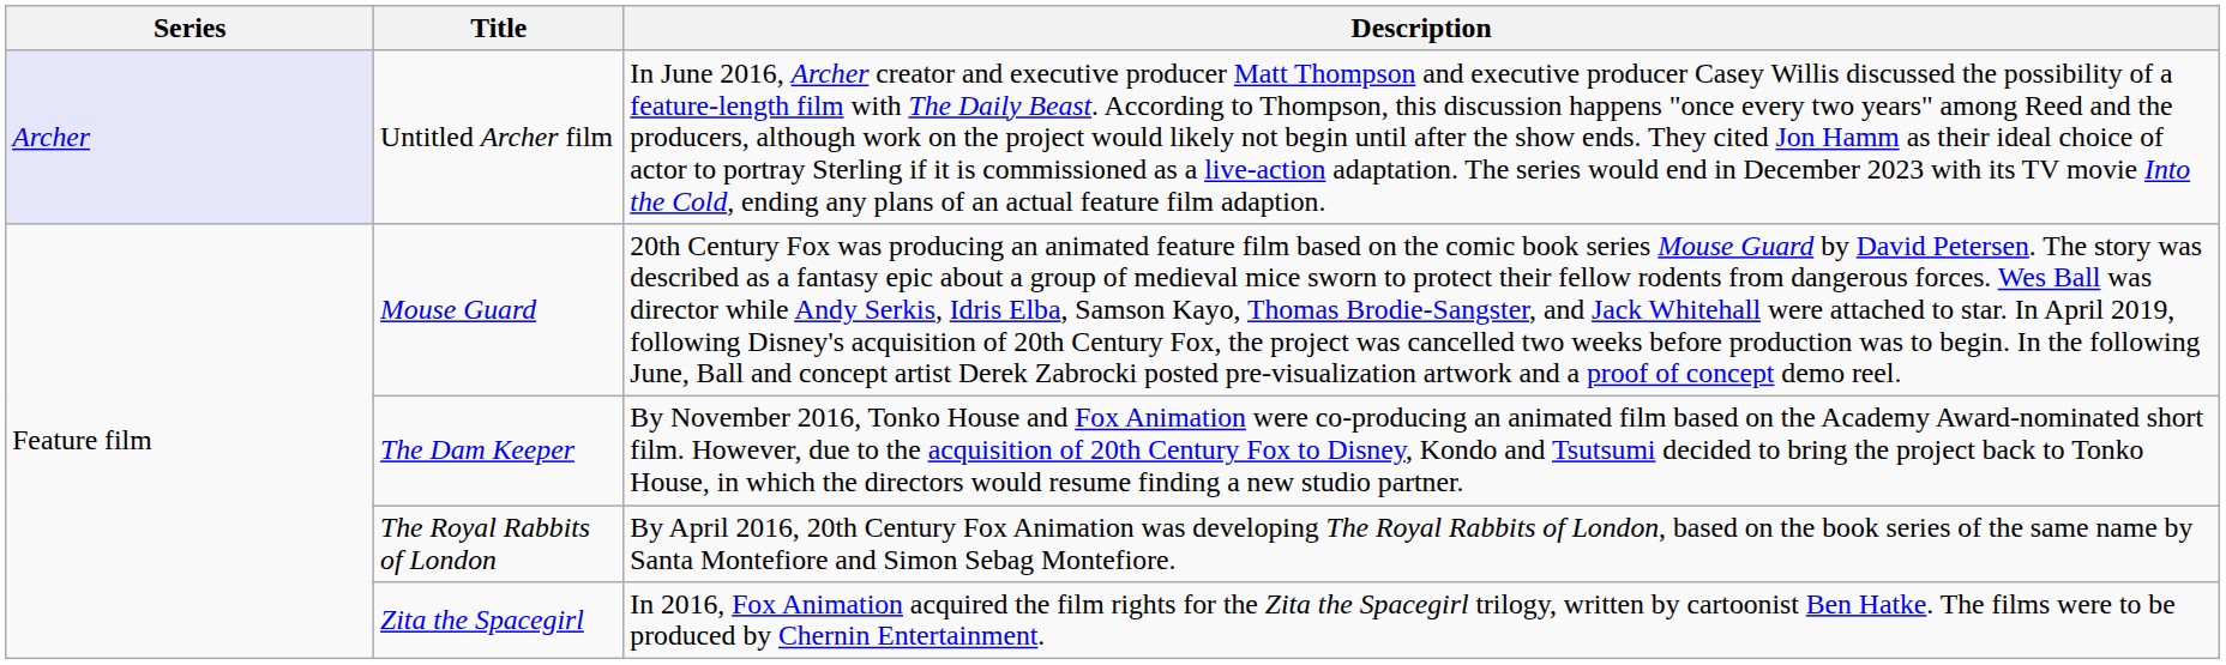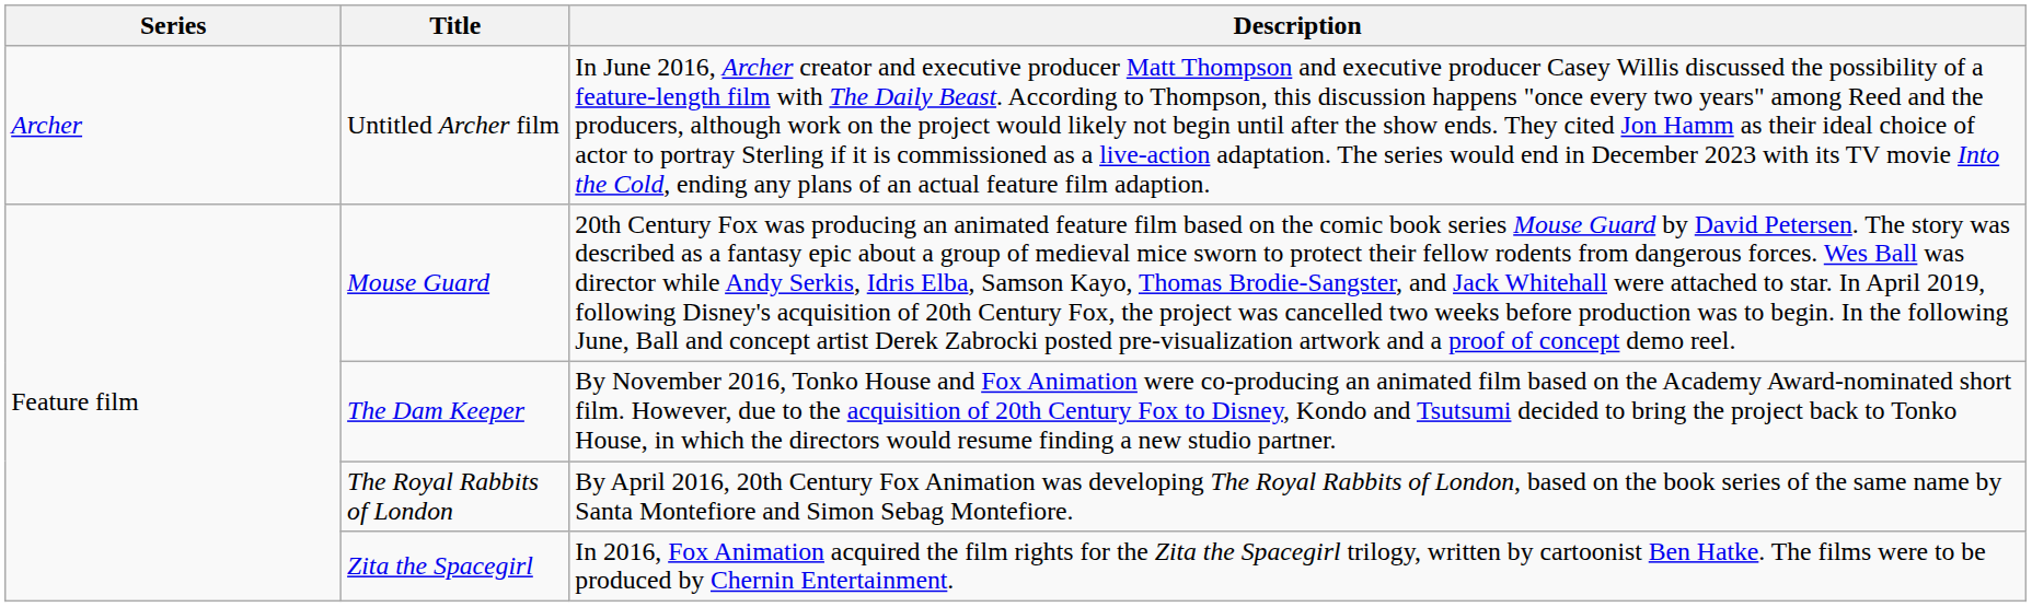 <table class="wikitable">
 <tr>
 <th style="width:150pt;">Series</th>
 <th style="width:100pt;">Title</th>
 <th>Description</th>
 </tr>
 <tr>
-<td style="background: lavender;"><em><a href='#'>Archer</a></em></td>
+<td><em><a href='#'>Archer</a></em></td>
 <td>Untitled <em>Archer</em> film</td>
 <td>In June 2016, <em><a href='#'>Archer</a></em> creator and executive producer <a href='#'>Matt Thompson</a> and executive producer Casey Willis discussed the possibility of a <a href='#'>feature-length film</a> with <em><a href='#'>The Daily Beast</a></em>. According to Thompson, this discussion happens "once every two years" among Reed and the producers, although work on the project would likely not begin until after the show ends. They cited <a href='#'>Jon Hamm</a> as their ideal choice of actor to portray Sterling if it is commissioned as a <a href='#'>live-action</a> adaptation. The series would end in December 2023 with its TV movie <em><a href='#'>Into the Cold</a></em>, ending any plans of an actual feature film adaption.</td>
 </tr>
 <tr>
 <td rowspan="4">Feature film</td>
 <td><em><a href='#'>Mouse Guard</a></em></td>
 <td>20th Century Fox was producing an animated feature film based on the comic book series <em><a href='#'>Mouse Guard</a></em> by <a href='#'>David Petersen</a>. The story was described as a fantasy epic about a group of medieval mice sworn to protect their fellow rodents from dangerous forces. <a href='#'>Wes Ball</a> was director while <a href='#'>Andy Serkis</a>, <a href='#'>Idris Elba</a>, Samson Kayo, <a href='#'>Thomas Brodie-Sangster</a>, and <a href='#'>Jack Whitehall</a> were attached to star. In April 2019, following Disney's acquisition of 20th Century Fox, the project was cancelled two weeks before production was to begin. In the following June, Ball and concept artist Derek Zabrocki posted pre-visualization artwork and a <a href='#'>proof of concept</a> demo reel.</td>
 </tr>
 <tr>
 <td><em><a href='#'>The Dam Keeper</a></em></td>
 <td>By November 2016, Tonko House and <a href='#'>Fox Animation</a> were co-producing an animated film based on the Academy Award-nominated short film. However, due to the <a href='#'>acquisition of 20th Century Fox to Disney</a>, Kondo and <a href='#'>Tsutsumi</a> decided to bring the project back to Tonko House, in which the directors would resume finding a new studio partner.</td>
 </tr>
 <tr>
 <td><em>The Royal Rabbits of London</em></td>
 <td>By April 2016, 20th Century Fox Animation was developing <em>The Royal Rabbits of London</em>, based on the book series of the same name by Santa Montefiore and Simon Sebag Montefiore.</td>
 </tr>
 <tr>
 <td><em><a href='#'>Zita the Spacegirl</a></em></td>
 <td>In 2016, <a href='#'>Fox Animation</a> acquired the film rights for the <em>Zita the Spacegirl</em> trilogy, written by cartoonist <a href='#'>Ben Hatke</a>. The films were to be produced by <a href='#'>Chernin Entertainment</a>.</td>
 </tr>
 </table>
